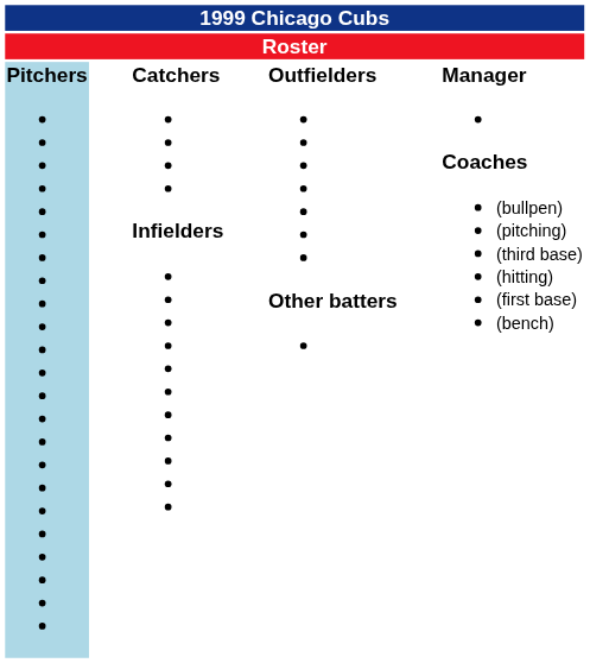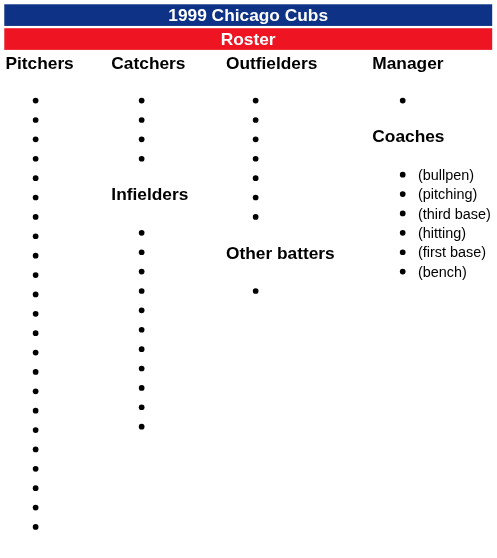 <table class="toccolours" style="font-size: 95%;">
 <tr>
 <th colspan="10" style="background-color: #0e3386; color: #FFFFFF; text-align: center;">1999 Chicago Cubs</th>
 </tr>
 <tr>
 <td colspan="10" style="background-color: #EE1422; color: #FFFFFF; text-align: center;"><strong>Roster</strong></td>
 </tr>
 <tr>
-<td valign="top" style="background: lightblue;"><strong>Pitchers</strong><br><ul><li></li><li></li><li></li><li></li><li></li><li></li><li></li><li></li><li></li><li></li><li></li><li></li><li></li><li></li><li></li><li></li><li></li><li></li><li></li><li></li><li></li><li></li><li></li></ul></td>
+<td valign="top"><strong>Pitchers</strong><br><ul><li></li><li></li><li></li><li></li><li></li><li></li><li></li><li></li><li></li><li></li><li></li><li></li><li></li><li></li><li></li><li></li><li></li><li></li><li></li><li></li><li></li><li></li><li></li></ul></td>
 <td width="25px"></td>
 <td valign="top"><strong>Catchers</strong><br><ul><li></li><li></li><li></li><li></li></ul><strong>Infielders</strong><ul><li></li><li></li><li></li><li></li><li></li><li></li><li></li><li></li><li></li><li></li><li></li></ul></td>
 <td width="25px"></td>
 <td valign="top"><strong>Outfielders</strong><br><ul><li></li><li></li><li></li><li></li><li></li><li></li><li></li></ul><strong>Other batters</strong><ul><li></li></ul></td>
 <td width="25px"></td>
 <td valign="top"><strong>Manager</strong><br><ul><li></li></ul><strong>Coaches</strong><ul><li> <small>(bullpen)</small></li><li> <small>(pitching)</small></li><li> <small>(third base)</small></li><li> <small>(hitting)</small></li><li> <small>(first base)</small></li><li> <small>(bench)</small></li></ul></td>
 </tr>
 </table>
